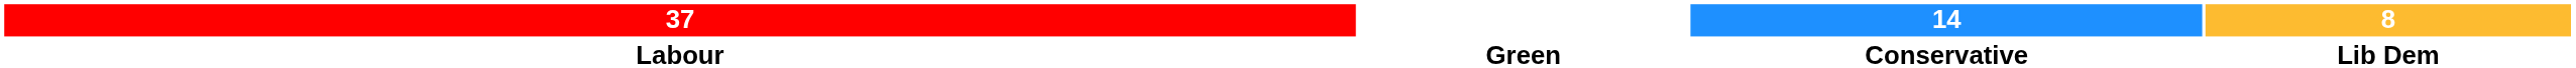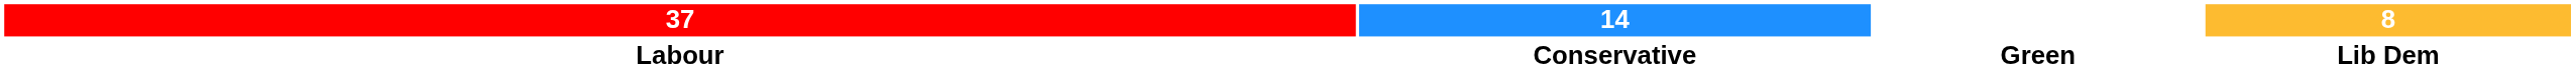 <table style="width:100%; text-align:center;">
 <tr style="color:white;">
 <td style="background:red; width:52.86%;"><strong>37</strong></td>
+<td style="background:dodgerblue; width:20%;"><strong>14</strong></td>
 <td style="background:"><strong>11</strong></td>
-<td style="background:dodgerblue; width:20%;"><strong>14</strong></td>
 <td style="background:#FDBB30; width:14.29%;"><strong>8</strong></td>
 </tr>
 <tr>
 <td><span><strong>Labour</strong></span></td>
+<td><span><strong>Conservative</strong></span></td>
 <td><span><strong>Green</strong></span></td>
-<td><span><strong>Conservative</strong></span></td>
 <td><span><strong>Lib Dem</strong></span></td>
 </tr>
 </table>
